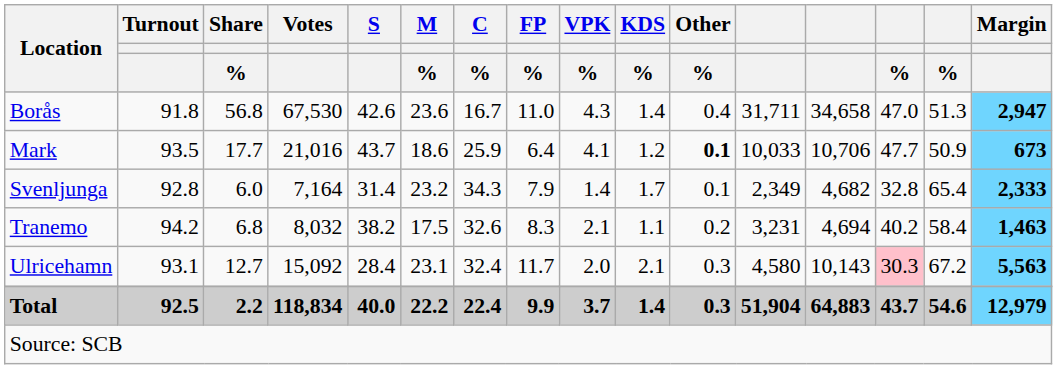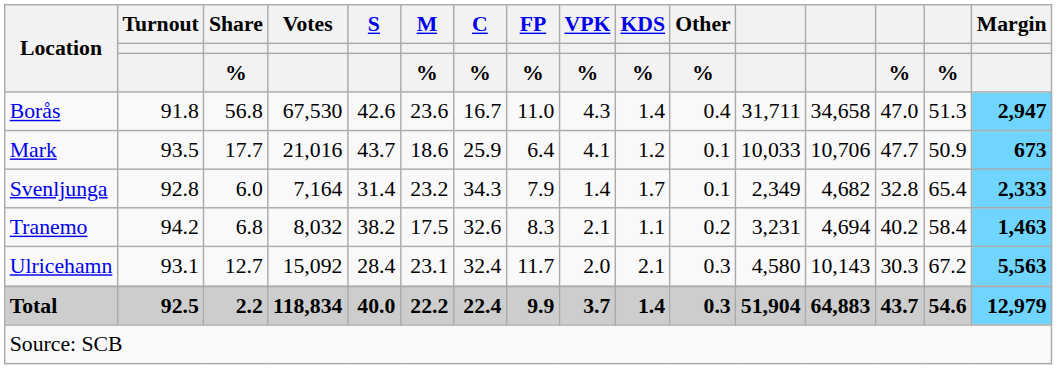 <table class="wikitable sortable" style="text-align:right; font-size:95%; line-height:20px;">
 <tr>
 <th rowspan="3">Location</th>
 <th>Turnout</th>
 <th>Share</th>
 <th>Votes</th>
 <th width="30px" class="unsortable"><a href='#'>S</a></th>
 <th width="30px" class="unsortable"><a href='#'>M</a></th>
 <th width="30px" class="unsortable"><a href='#'>C</a></th>
 <th width="30px" class="unsortable"><a href='#'>FP</a></th>
 <th width="30px" class="unsortable"><a href='#'>VPK</a></th>
 <th width="30px" class="unsortable"><a href='#'>KDS</a></th>
 <th width="30px" class="unsortable">Other</th>
 <th></th>
 <th></th>
 <th></th>
 <th></th>
 <th>Margin</th>
 </tr>
 <tr>
 <th></th>
 <th></th>
 <th></th>
 <th style="background:"></th>
 <th style="background:"></th>
 <th style="background:"></th>
 <th style="background:"></th>
 <th style="background:"></th>
 <th style="background:"></th>
 <th style="background:"></th>
 <th style="background:"></th>
 <th style="background:"></th>
 <th style="background:"></th>
 <th style="background:"></th>
 <th></th>
 </tr>
 <tr>
 <th></th>
 <th data-sort-type="number">%</th>
 <th data-sort-type="number"></th>
 <th></th>
 <th data-sort-type="number">%</th>
 <th data-sort-type="number">%</th>
 <th data-sort-type="number">%</th>
 <th data-sort-type="number">%</th>
 <th data-sort-type="number">%</th>
 <th data-sort-type="number">%</th>
 <th data-sort-type="number"></th>
 <th data-sort-type="number"></th>
 <th data-sort-type="number">%</th>
 <th data-sort-type="number">%</th>
 <th data-sort-type="number"></th>
 </tr>
 <tr>
 <td align=left><a href='#'>Borås</a></td>
 <td>91.8</td>
 <td>56.8</td>
 <td>67,530</td>
 <td>42.6</td>
 <td>23.6</td>
 <td>16.7</td>
 <td>11.0</td>
 <td>4.3</td>
 <td>1.4</td>
 <td>0.4</td>
 <td>31,711</td>
 <td>34,658</td>
 <td>47.0</td>
 <td>51.3</td>
 <td bgcolor=#6fd5fe><strong>2,947</strong></td>
 </tr>
 <tr>
 <td align=left><a href='#'>Mark</a></td>
 <td>93.5</td>
 <td>17.7</td>
 <td>21,016</td>
 <td>43.7</td>
 <td>18.6</td>
 <td>25.9</td>
 <td>6.4</td>
 <td>4.1</td>
 <td>1.2</td>
-<td><strong>0.1</strong></td>
+<td>0.1</td>
 <td>10,033</td>
 <td>10,706</td>
 <td>47.7</td>
 <td>50.9</td>
 <td bgcolor=#6fd5fe><strong>673</strong></td>
 </tr>
 <tr>
 <td align=left><a href='#'>Svenljunga</a></td>
 <td>92.8</td>
 <td>6.0</td>
 <td>7,164</td>
 <td>31.4</td>
 <td>23.2</td>
 <td>34.3</td>
 <td>7.9</td>
 <td>1.4</td>
 <td>1.7</td>
 <td>0.1</td>
 <td>2,349</td>
 <td>4,682</td>
 <td>32.8</td>
 <td>65.4</td>
 <td bgcolor=#6fd5fe><strong>2,333</strong></td>
 </tr>
 <tr>
 <td align=left><a href='#'>Tranemo</a></td>
 <td>94.2</td>
 <td>6.8</td>
 <td>8,032</td>
 <td>38.2</td>
 <td>17.5</td>
 <td>32.6</td>
 <td>8.3</td>
 <td>2.1</td>
 <td>1.1</td>
 <td>0.2</td>
 <td>3,231</td>
 <td>4,694</td>
 <td>40.2</td>
 <td>58.4</td>
 <td bgcolor=#6fd5fe><strong>1,463</strong></td>
 </tr>
 <tr>
 <td align=left><a href='#'>Ulricehamn</a></td>
 <td>93.1</td>
 <td>12.7</td>
 <td>15,092</td>
 <td>28.4</td>
 <td>23.1</td>
 <td>32.4</td>
 <td>11.7</td>
 <td>2.0</td>
 <td>2.1</td>
 <td>0.3</td>
 <td>4,580</td>
 <td>10,143</td>
-<td style="background: pink;">30.3</td>
+<td>30.3</td>
 <td>67.2</td>
 <td bgcolor=#6fd5fe><strong>5,563</strong></td>
 </tr>
 <tr>
 </tr>
 <tr style="background:#CDCDCD;">
 <td align=left><strong>Total</strong></td>
 <td><strong>92.5</strong></td>
 <td><strong>2.2</strong></td>
 <td><strong>118,834</strong></td>
 <td><strong>40.0</strong></td>
 <td><strong>22.2</strong></td>
 <td><strong>22.4</strong></td>
 <td><strong>9.9</strong></td>
 <td><strong>3.7</strong></td>
 <td><strong>1.4</strong></td>
 <td><strong>0.3</strong></td>
 <td><strong>51,904</strong></td>
 <td><strong>64,883</strong></td>
 <td><strong>43.7</strong></td>
 <td><strong>54.6</strong></td>
 <td bgcolor=#6fd5fe><strong>12,979</strong></td>
 </tr>
 <tr>
 <td align=left colspan=16>Source: SCB </td>
 </tr>
 </table>
